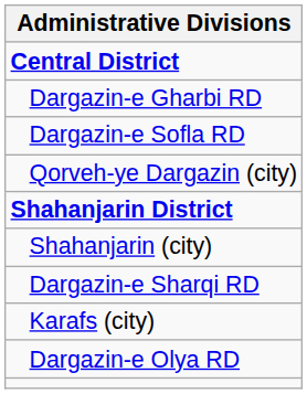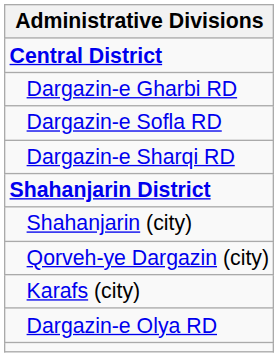 <table class="wikitable">
 <tr>
 <th>Administrative Divisions</th>
 </tr>
 <tr>
 <td><strong><a href='#'>Central District</a></strong></td>
 </tr>
 <tr>
 <td style="padding-left: 1em;"><a href='#'>Dargazin-e Gharbi RD</a></td>
 </tr>
 <tr>
 <td style="padding-left: 1em;"><a href='#'>Dargazin-e Sofla RD</a></td>
 </tr>
 <tr>
-<td style="padding-left: 1em;"><a href='#'>Qorveh-ye Dargazin</a> (city)</td>
+<td style="padding-left: 1em;"><a href='#'>Dargazin-e Sharqi RD</a></td>
 </tr>
 <tr>
 <td><strong><a href='#'>Shahanjarin District</a></strong></td>
 </tr>
 <tr>
 <td style="padding-left: 1em;"><a href='#'>Shahanjarin</a> (city)</td>
 </tr>
 <tr>
-<td style="padding-left: 1em;"><a href='#'>Dargazin-e Sharqi RD</a></td>
+<td style="padding-left: 1em;"><a href='#'>Qorveh-ye Dargazin</a> (city)</td>
 </tr>
 <tr>
 <td style="padding-left: 1em;"><a href='#'>Karafs</a> (city)</td>
 </tr>
 <tr>
 <td style="padding-left: 1em;"><a href='#'>Dargazin-e Olya RD</a></td>
 </tr>
 <tr>
 <td colspan=1></td>
 </tr>
 </table>
